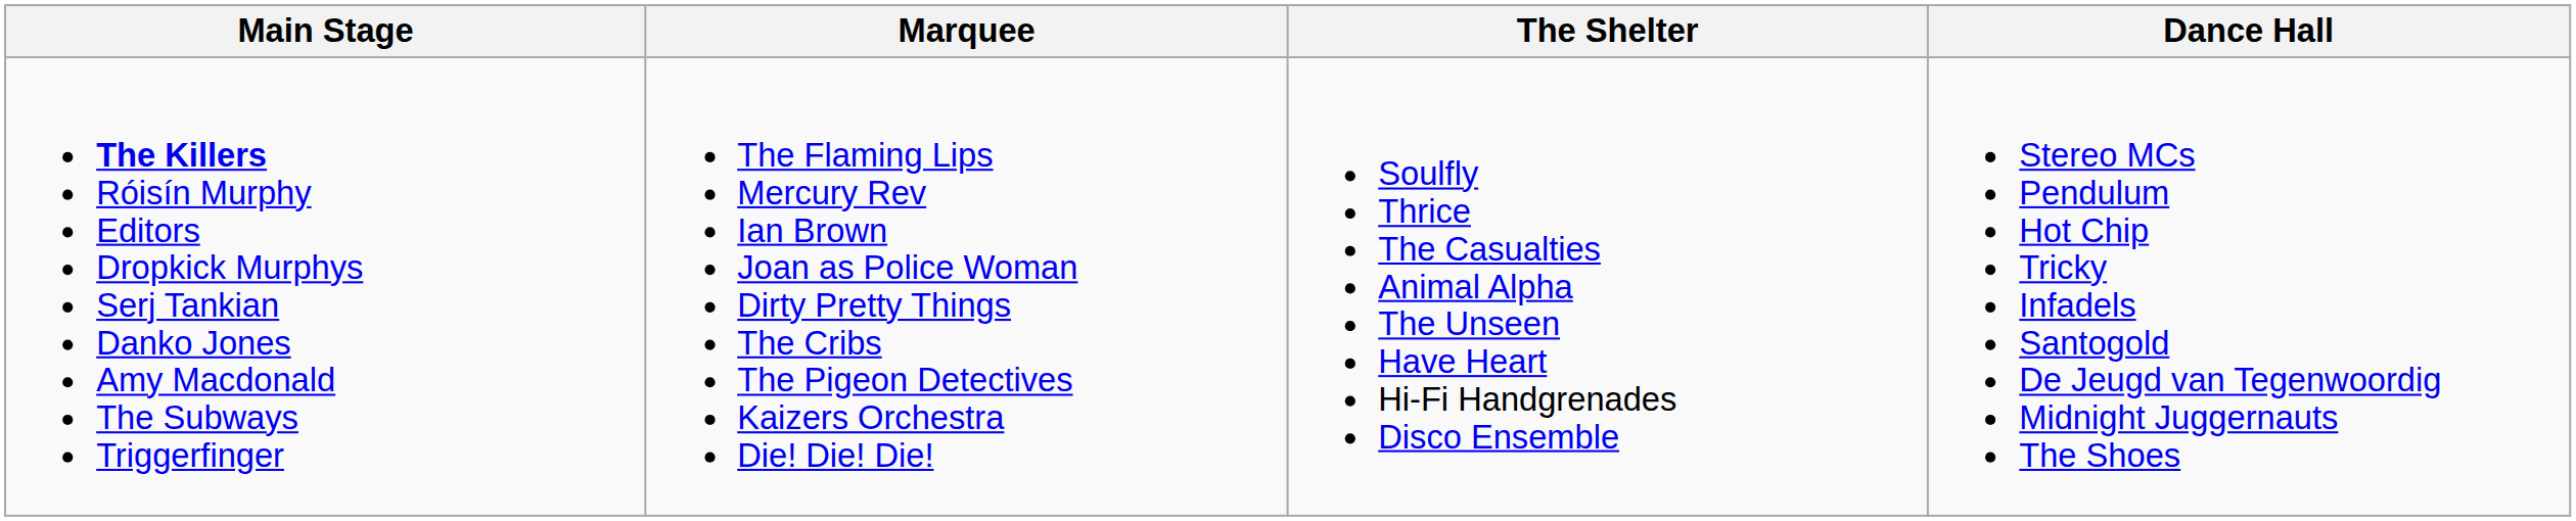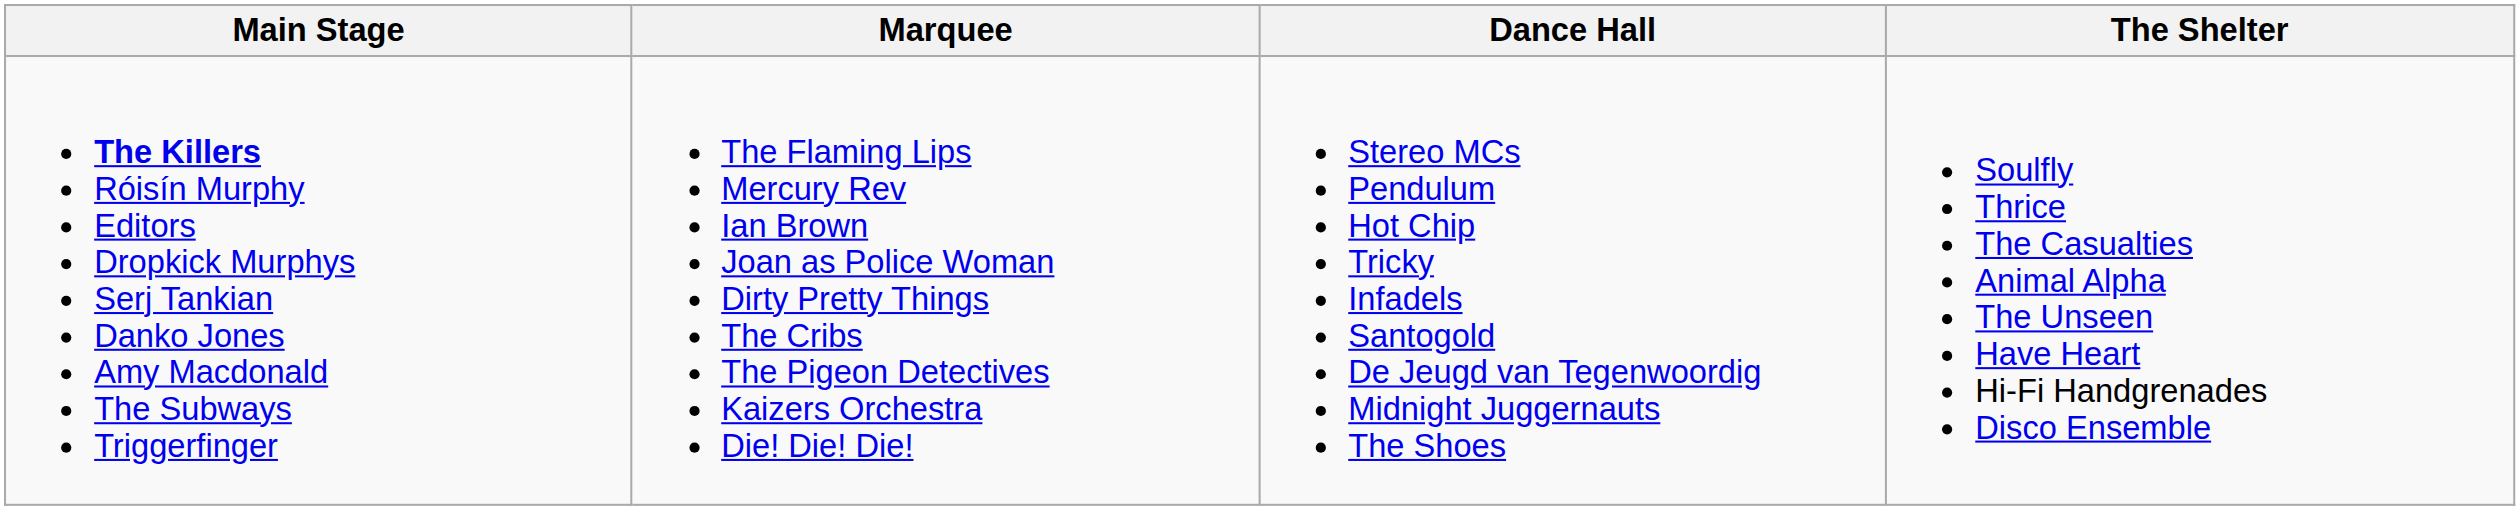 <table class="wikitable">
 <tr>
 <th width="300" rowspan="1">Main Stage</th>
 <th width="300" rowspan="1">Marquee</th>
+<th width="300" rowspan="1">Dance Hall</th>
 <th width="300" rowspan="1">The Shelter</th>
-<th width="300" rowspan="1">Dance Hall</th>
 </tr>
 <tr>
 <td><br><ul><li><strong><a href='#'>The Killers</a></strong></li><li><a href='#'>Róisín Murphy</a></li><li><a href='#'>Editors</a></li><li><a href='#'>Dropkick Murphys</a></li><li><a href='#'>Serj Tankian</a></li><li><a href='#'>Danko Jones</a></li><li><a href='#'>Amy Macdonald</a></li><li><a href='#'>The Subways</a></li><li><a href='#'>Triggerfinger</a></li></ul></td>
 <td><br><ul><li><a href='#'>The Flaming Lips</a></li><li><a href='#'>Mercury Rev</a></li><li><a href='#'>Ian Brown</a></li><li><a href='#'>Joan as Police Woman</a></li><li><a href='#'>Dirty Pretty Things</a></li><li><a href='#'>The Cribs</a></li><li><a href='#'>The Pigeon Detectives</a></li><li><a href='#'>Kaizers Orchestra</a></li><li><a href='#'>Die! Die! Die!</a></li></ul></td>
+<td><br><ul><li><a href='#'>Stereo MCs</a></li><li><a href='#'>Pendulum</a></li><li><a href='#'>Hot Chip</a></li><li><a href='#'>Tricky</a></li><li><a href='#'>Infadels</a></li><li><a href='#'>Santogold</a></li><li><a href='#'>De Jeugd van Tegenwoordig</a></li><li><a href='#'>Midnight Juggernauts</a></li><li><a href='#'>The Shoes</a></li></ul></td>
 <td><br><ul><li><a href='#'>Soulfly</a></li><li><a href='#'>Thrice</a></li><li><a href='#'>The Casualties</a></li><li><a href='#'>Animal Alpha</a></li><li><a href='#'>The Unseen</a></li><li><a href='#'>Have Heart</a></li><li>Hi-Fi Handgrenades</li><li><a href='#'>Disco Ensemble</a></li></ul></td>
-<td><br><ul><li><a href='#'>Stereo MCs</a></li><li><a href='#'>Pendulum</a></li><li><a href='#'>Hot Chip</a></li><li><a href='#'>Tricky</a></li><li><a href='#'>Infadels</a></li><li><a href='#'>Santogold</a></li><li><a href='#'>De Jeugd van Tegenwoordig</a></li><li><a href='#'>Midnight Juggernauts</a></li><li><a href='#'>The Shoes</a></li></ul></td>
 </tr>
 </table>
